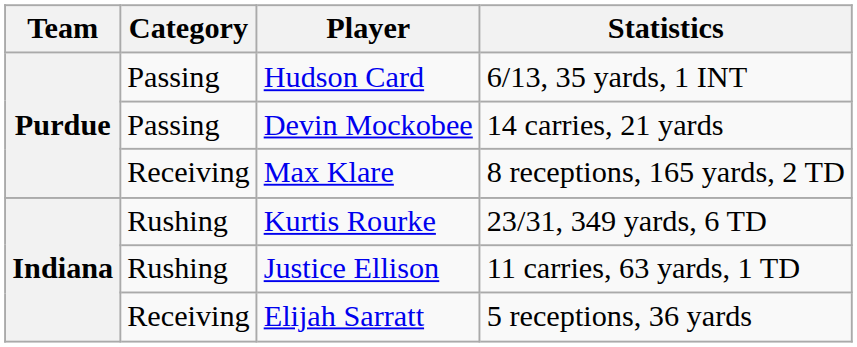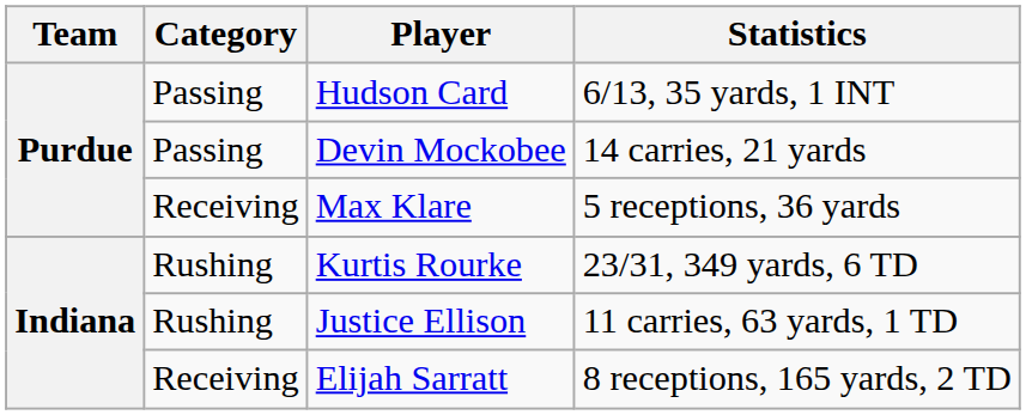 <table class="wikitable" style="float:right">
 <tr>
 <th>Team</th>
 <th>Category</th>
 <th>Player</th>
 <th>Statistics</th>
 </tr>
 <tr>
 <th rowspan=3>Purdue</th>
 <td>Passing</td>
 <td><a href='#'>Hudson Card</a></td>
 <td>6/13, 35 yards, 1 INT</td>
 </tr>
 <tr>
 <td>Passing</td>
 <td><a href='#'>Devin Mockobee</a></td>
 <td>14 carries, 21 yards</td>
 </tr>
 <tr>
 <td>Receiving</td>
 <td><a href='#'>Max Klare</a></td>
-<td>8 receptions, 165 yards, 2 TD</td>
+<td>5 receptions, 36 yards</td>
 </tr>
 <tr>
 <th rowspan=3>Indiana</th>
 <td>Rushing</td>
 <td><a href='#'>Kurtis Rourke</a></td>
 <td>23/31, 349 yards, 6 TD</td>
 </tr>
 <tr>
 <td>Rushing</td>
 <td><a href='#'>Justice Ellison</a></td>
 <td>11 carries, 63 yards, 1 TD</td>
 </tr>
 <tr>
 <td>Receiving</td>
 <td><a href='#'>Elijah Sarratt</a></td>
-<td>5 receptions, 36 yards</td>
+<td>8 receptions, 165 yards, 2 TD</td>
 </tr>
 </table>
